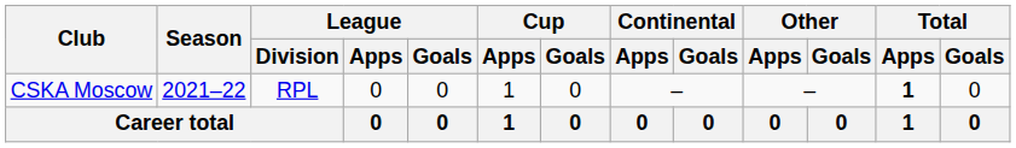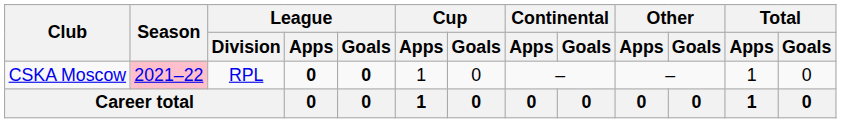 <table class="wikitable" style="text-align: center;">
 <tr>
 <th rowspan=2>Club</th>
 <th rowspan=2>Season</th>
 <th colspan=3>League</th>
 <th colspan=2>Cup</th>
 <th colspan=2>Continental</th>
 <th colspan=2>Other</th>
 <th colspan=2>Total</th>
 </tr>
 <tr>
 <th>Division</th>
 <th>Apps</th>
 <th>Goals</th>
 <th>Apps</th>
 <th>Goals</th>
 <th>Apps</th>
 <th>Goals</th>
 <th>Apps</th>
 <th>Goals</th>
 <th>Apps</th>
 <th>Goals</th>
 </tr>
 <tr>
 <td><a href='#'>CSKA Moscow</a></td>
-<td><a href='#'>2021–22</a></td>
+<td style="background: pink;"><a href='#'>2021–22</a></td>
 <td><a href='#'>RPL</a></td>
-<td>0</td>
-<td>0</td>
+<td><strong>0</strong></td>
+<td><strong>0</strong></td>
 <td>1</td>
 <td>0</td>
 <td colspan=2>–</td>
 <td colspan=2>–</td>
-<td><strong>1</strong></td>
+<td>1</td>
 <td>0</td>
 </tr>
 <tr>
 <th colspan=3>Career total</th>
 <th>0</th>
 <th>0</th>
 <th>1</th>
 <th>0</th>
 <th>0</th>
 <th>0</th>
 <th>0</th>
 <th>0</th>
 <th>1</th>
 <th>0</th>
 </tr>
 </table>
